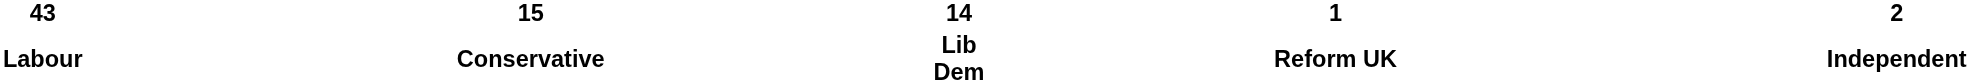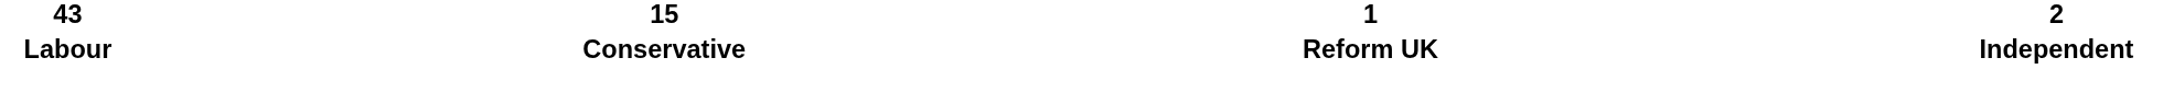 <table style="width:100%; text-align:center;">
 <tr>
 <td style="background:"><strong>43</strong></td>
 <td style="background:"><strong>15</strong></td>
-<td style="background:"><strong>14</strong></td>
 <td style="background:"><strong>1</strong></td>
 <td style="background:"><strong>2</strong></td>
 </tr>
 <tr>
 <td><span><strong>Labour</strong></span></td>
 <td><span><strong>Conservative</strong></span></td>
-<td><span><strong>Lib<br>Dem</strong></span></td>
 <td><span><strong>Reform UK</strong></span></td>
 <td><strong>Independent</strong></td>
 </tr>
 </table>
